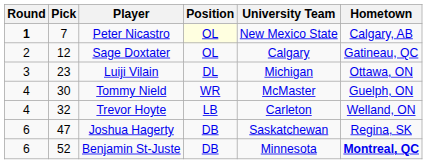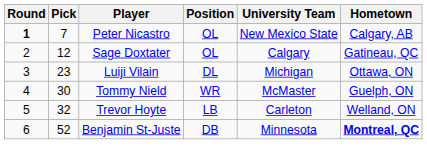 <table class="wikitable" style="font-size: 95%;">
 <tr>
 <th scope="col">Round</th>
 <th scope="col">Pick</th>
 <th scope="col">Player</th>
 <th scope="col">Position</th>
 <th scope="col">University Team</th>
 <th scope="col">Hometown</th>
 </tr>
 <tr align="center">
 <td align=center><strong>1</strong></td>
 <td>7</td>
 <td><a href='#'>Peter Nicastro</a></td>
-<td style="background: lightyellow;"><a href='#'>OL</a></td>
+<td><a href='#'>OL</a></td>
 <td><a href='#'>New Mexico State</a></td>
 <td><a href='#'>Calgary, AB</a></td>
 </tr>
 <tr align="center">
 <td align=center>2</td>
 <td>12</td>
 <td><a href='#'>Sage Doxtater</a></td>
 <td><a href='#'>OL</a></td>
 <td><a href='#'>Calgary</a></td>
 <td><a href='#'>Gatineau, QC</a></td>
 </tr>
 <tr align="center">
 <td align=center>3</td>
 <td>23</td>
 <td><a href='#'>Luiji Vilain</a></td>
 <td><a href='#'>DL</a></td>
 <td><a href='#'>Michigan</a></td>
 <td><a href='#'>Ottawa, ON</a></td>
 </tr>
 <tr align="center">
 <td align=center>4</td>
 <td>30</td>
 <td><a href='#'>Tommy Nield</a></td>
 <td><a href='#'>WR</a></td>
 <td><a href='#'>McMaster</a></td>
 <td><a href='#'>Guelph, ON</a></td>
 </tr>
 <tr align="center">
-<td align=center>4</td>
+<td align=center>5</td>
 <td>32</td>
 <td><a href='#'>Trevor Hoyte</a></td>
 <td><a href='#'>LB</a></td>
 <td><a href='#'>Carleton</a></td>
 <td><a href='#'>Welland, ON</a></td>
-</tr>
-<tr align="center">
-<td align=center>6</td>
-<td>47</td>
-<td><a href='#'>Joshua Hagerty</a></td>
-<td><a href='#'>DB</a></td>
-<td><a href='#'>Saskatchewan</a></td>
-<td><a href='#'>Regina, SK</a></td>
 </tr>
 <tr align="center">
 <td align=center>6</td>
 <td>52</td>
 <td><a href='#'>Benjamin St-Juste</a></td>
 <td><a href='#'>DB</a></td>
 <td><a href='#'>Minnesota</a></td>
 <td><strong><a href='#'>Montreal, QC</a></strong></td>
 </tr>
 </table>
